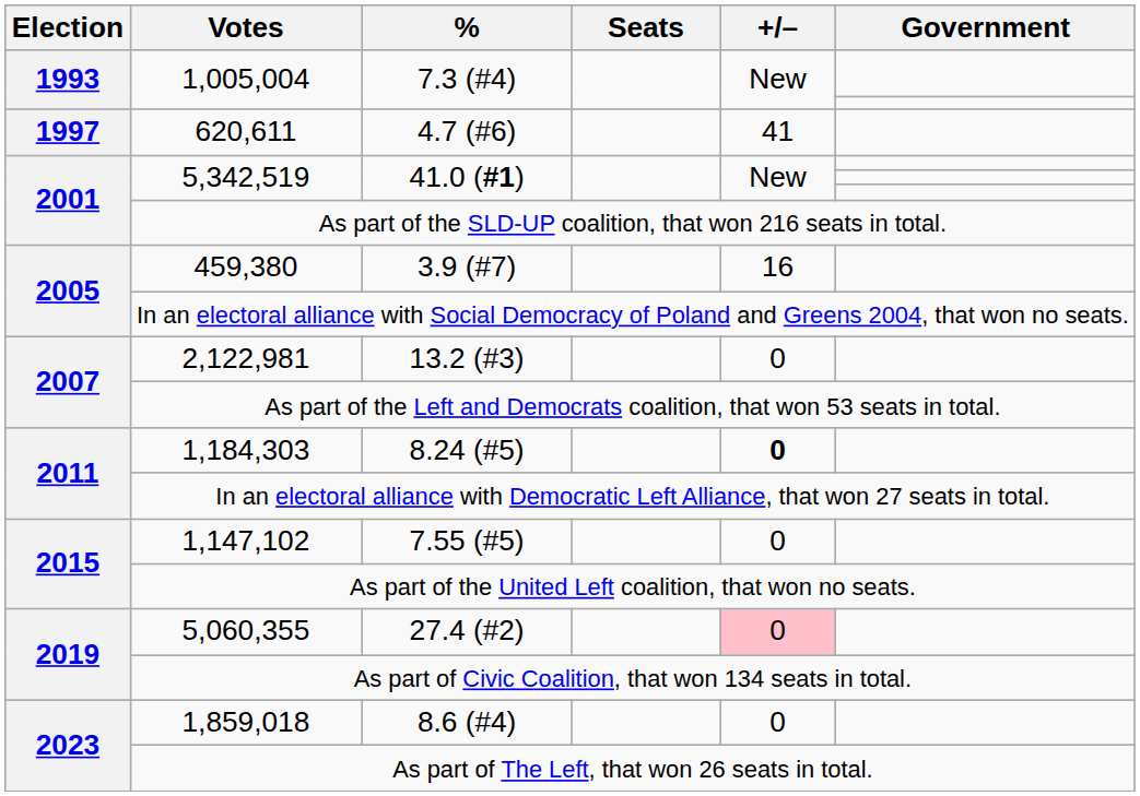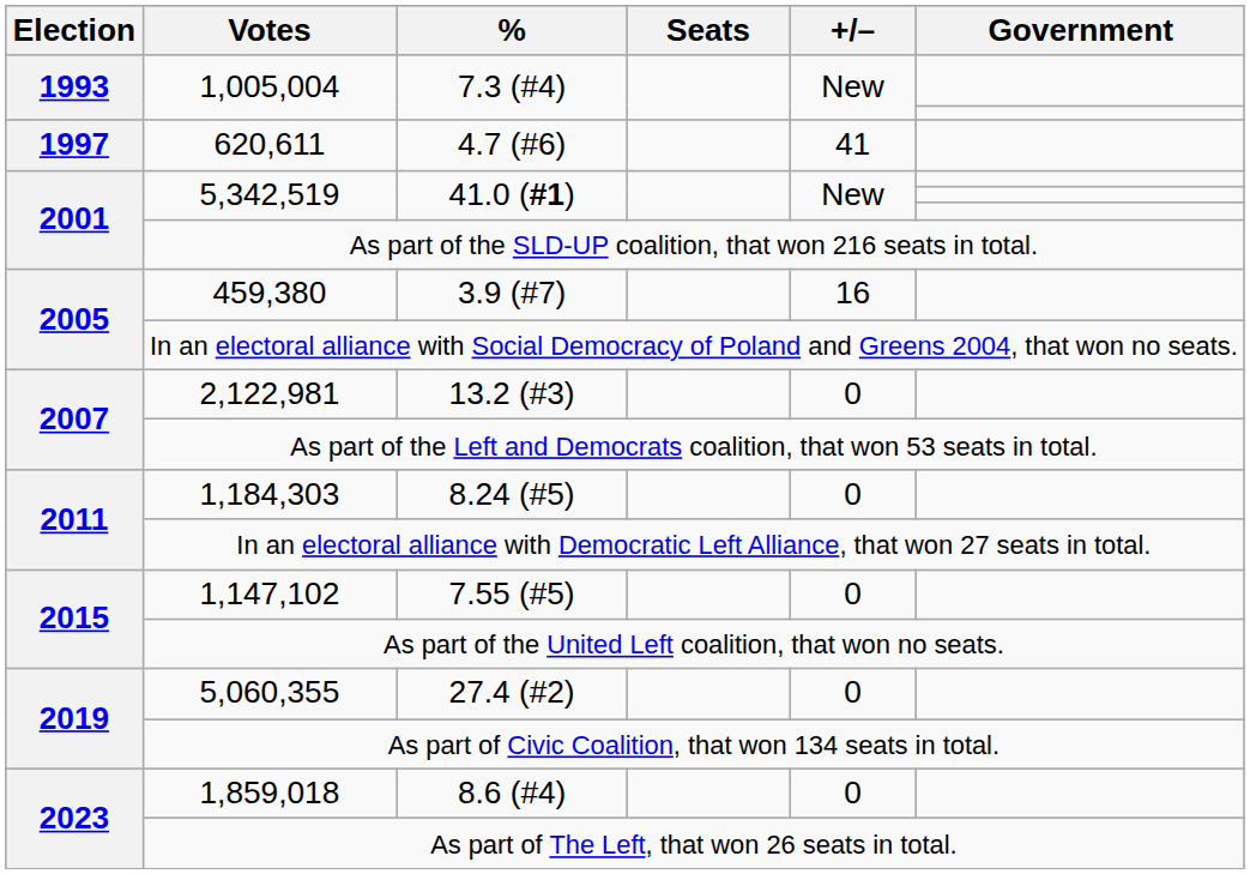 <table class=wikitable style="text-align:center;">
 <tr>
 <th>Election</th>
 <th>Votes</th>
 <th>%</th>
 <th>Seats</th>
 <th>+/–</th>
 <th>Government</th>
 </tr>
 <tr>
 <th rowspan="2"><a href='#'>1993</a></th>
 <td rowspan="2">1,005,004</td>
 <td rowspan="2">7.3 (#4)</td>
 <td rowspan="2"></td>
 <td rowspan="2">New</td>
 <td><br></td>
 </tr>
 <tr>
 <td></td>
 </tr>
 <tr>
 <th><a href='#'>1997</a></th>
 <td>620,611</td>
 <td>4.7 (#6)</td>
 <td></td>
 <td> 41</td>
 <td></td>
 </tr>
 <tr>
 <th rowspan="4"><a href='#'>2001</a></th>
 <td rowspan="3">5,342,519</td>
 <td rowspan="3">41.0 (<strong>#1</strong>)</td>
 <td rowspan="3"></td>
 <td rowspan="3">New</td>
 <td></td>
 </tr>
 <tr>
 <td></td>
 </tr>
 <tr>
 <td></td>
 </tr>
 <tr>
 <td colspan=6><small>As part of the <a href='#'>SLD-UP</a> coalition, that won 216 seats in total.</small></td>
 </tr>
 <tr>
 <th rowspan="2"><a href='#'>2005</a></th>
 <td>459,380</td>
 <td>3.9 (#7)</td>
 <td></td>
 <td> 16</td>
 <td></td>
 </tr>
 <tr>
 <td colspan=7><small>In an <a href='#'>electoral alliance</a> with <a href='#'>Social Democracy of Poland</a> and <a href='#'>Greens 2004</a>, that won no seats.</small></td>
 </tr>
 <tr>
 <th rowspan="2"><a href='#'>2007</a></th>
 <td>2,122,981</td>
 <td>13.2 (#3)</td>
 <td></td>
 <td> 0</td>
 <td></td>
 </tr>
 <tr>
 <td colspan=7><small>As part of the <a href='#'>Left and Democrats</a> coalition, that won 53 seats in total.</small></td>
 </tr>
 <tr>
 <th rowspan="2"><a href='#'>2011</a></th>
 <td>1,184,303</td>
 <td>8.24 (#5)</td>
 <td></td>
-<td><strong> 0</strong></td>
+<td> 0</td>
 <td></td>
 </tr>
 <tr>
 <td colspan=7><small>In an <a href='#'>electoral alliance</a> with <a href='#'>Democratic Left Alliance</a>, that won 27 seats in total.</small></td>
 </tr>
 <tr>
 <th rowspan="2"><a href='#'>2015</a></th>
 <td>1,147,102</td>
 <td>7.55 (#5)</td>
 <td></td>
 <td> 0</td>
 <td></td>
 </tr>
 <tr>
 <td colspan=7><small>As part of the <a href='#'>United Left</a> coalition, that won no seats.</small></td>
 </tr>
 <tr>
 <th rowspan="2"><a href='#'>2019</a></th>
 <td>5,060,355</td>
 <td>27.4 (#2)</td>
 <td></td>
-<td style="background: pink;"> 0</td>
+<td> 0</td>
 <td></td>
 </tr>
 <tr>
 <td colspan=7><small>As part of <a href='#'>Civic Coalition</a>, that won 134 seats in total.</small></td>
 </tr>
 <tr>
 <th rowspan="2"><a href='#'>2023</a></th>
 <td>1,859,018</td>
 <td>8.6 (#4)</td>
 <td></td>
 <td> 0</td>
 <td></td>
 </tr>
 <tr>
 <td colspan=7><small>As part of <a href='#'>The Left</a>, that won 26 seats in total.</small></td>
 </tr>
 </table>
